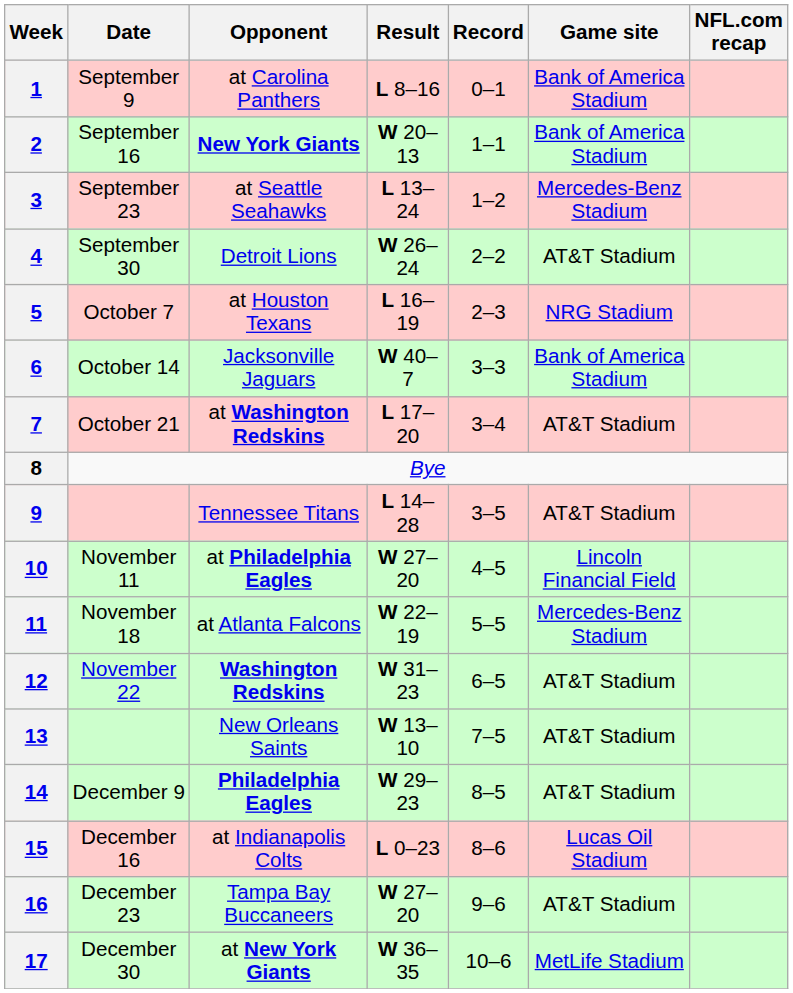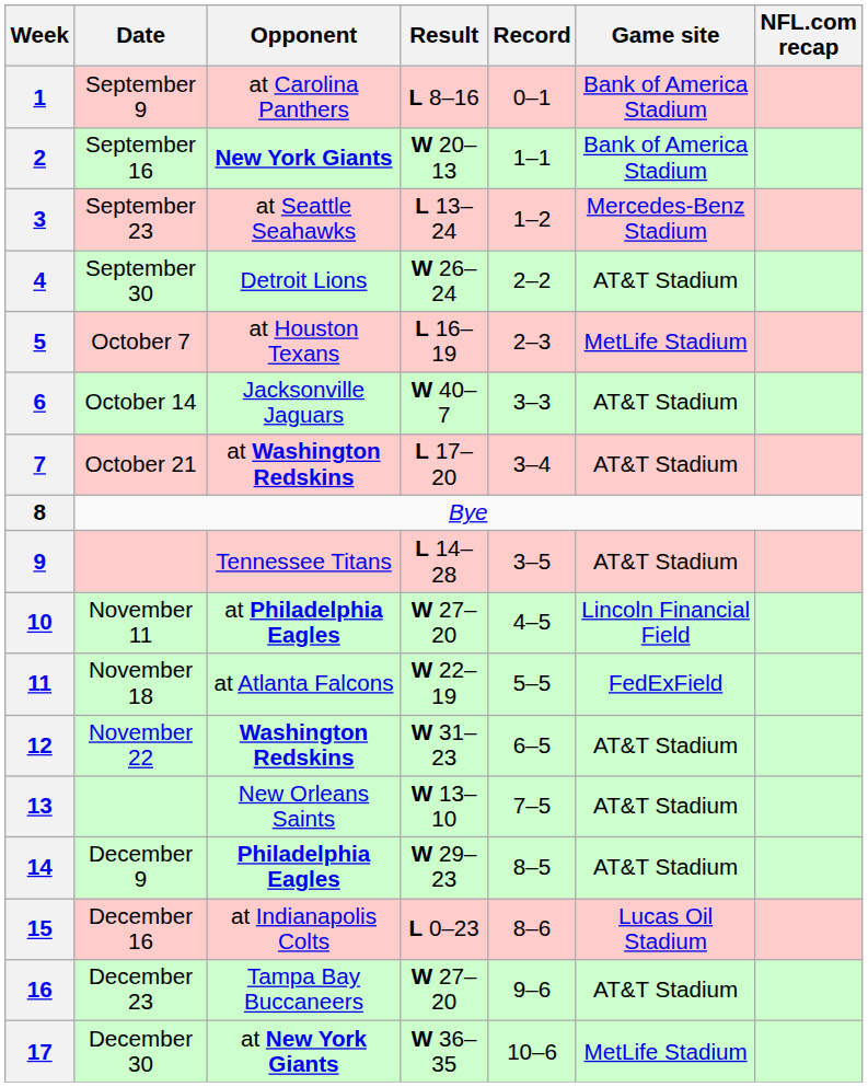 <table class="wikitable" style="text-align:center">
 <tr>
 <th>Week</th>
 <th>Date</th>
 <th>Opponent</th>
 <th>Result</th>
 <th>Record</th>
 <th>Game site</th>
 <th>NFL.com<br>recap</th>
 </tr>
 <tr style="background:#fcc">
 <th><a href='#'>1</a></th>
 <td>September 9</td>
 <td>at <a href='#'>Carolina Panthers</a></td>
 <td><strong>L</strong> 8–16</td>
 <td>0–1</td>
 <td><a href='#'>Bank of America Stadium</a></td>
 <td></td>
 </tr>
 <tr style="background:#cfc">
 <th><a href='#'>2</a></th>
 <td>September 16</td>
 <td><strong><a href='#'>New York Giants</a></strong></td>
 <td><strong>W</strong> 20–13</td>
 <td>1–1</td>
 <td><a href='#'>Bank of America Stadium</a></td>
 <td></td>
 </tr>
 <tr style="background:#fcc">
 <th><a href='#'>3</a></th>
 <td>September 23</td>
 <td>at <a href='#'>Seattle Seahawks</a></td>
 <td><strong>L</strong> 13–24</td>
 <td>1–2</td>
 <td><a href='#'>Mercedes-Benz Stadium</a></td>
 <td></td>
 </tr>
 <tr style="background:#cfc">
 <th><a href='#'>4</a></th>
 <td>September 30</td>
 <td><a href='#'>Detroit Lions</a></td>
 <td><strong>W</strong> 26–24</td>
 <td>2–2</td>
 <td>AT&T Stadium</td>
 <td></td>
 </tr>
 <tr style="background:#fcc">
 <th><a href='#'>5</a></th>
 <td>October 7</td>
 <td>at <a href='#'>Houston Texans</a></td>
 <td><strong>L</strong> 16–19 </td>
 <td>2–3</td>
-<td><a href='#'>NRG Stadium</a></td>
+<td><a href='#'>MetLife Stadium</a></td>
 <td></td>
 </tr>
 <tr style="background:#cfc">
 <th><a href='#'>6</a></th>
 <td>October 14</td>
 <td><a href='#'>Jacksonville Jaguars</a></td>
 <td><strong>W</strong> 40–7</td>
 <td>3–3</td>
-<td><a href='#'>Bank of America Stadium</a></td>
+<td>AT&T Stadium</td>
 <td></td>
 </tr>
 <tr style="background:#fcc">
 <th><a href='#'>7</a></th>
 <td>October 21</td>
 <td>at <strong><a href='#'>Washington Redskins</a></strong></td>
 <td><strong>L</strong> 17–20</td>
 <td>3–4</td>
 <td>AT&T Stadium</td>
 <td></td>
 </tr>
 <tr>
 <th>8</th>
 <td colspan=6><em><a href='#'>Bye</a></em></td>
 </tr>
 <tr style="background:#fcc">
 <th><a href='#'>9</a></th>
 <td></td>
 <td><a href='#'>Tennessee Titans</a></td>
 <td><strong>L</strong> 14–28</td>
 <td>3–5</td>
 <td>AT&T Stadium</td>
 <td></td>
 </tr>
 <tr style="background:#cfc">
 <th><a href='#'>10</a></th>
 <td>November 11</td>
 <td>at <strong><a href='#'>Philadelphia Eagles</a></strong></td>
 <td><strong>W</strong> 27–20</td>
 <td>4–5</td>
 <td><a href='#'>Lincoln Financial Field</a></td>
 <td></td>
 </tr>
 <tr style="background:#cfc">
 <th><a href='#'>11</a></th>
 <td>November 18</td>
 <td>at <a href='#'>Atlanta Falcons</a></td>
 <td><strong>W</strong> 22–19</td>
 <td>5–5</td>
-<td><a href='#'>Mercedes-Benz Stadium</a></td>
+<td><a href='#'>FedExField</a></td>
 <td></td>
 </tr>
 <tr style="background:#cfc">
 <th><a href='#'>12</a></th>
 <td><a href='#'>November 22</a></td>
 <td><strong><a href='#'>Washington Redskins</a></strong></td>
 <td><strong>W</strong> 31–23</td>
 <td>6–5</td>
 <td>AT&T Stadium</td>
 <td></td>
 </tr>
 <tr style="background:#cfc">
 <th><a href='#'>13</a></th>
 <td></td>
 <td><a href='#'>New Orleans Saints</a></td>
 <td><strong>W</strong> 13–10</td>
 <td>7–5</td>
 <td>AT&T Stadium</td>
 <td></td>
 </tr>
 <tr style="background:#cfc">
 <th><a href='#'>14</a></th>
 <td>December 9</td>
 <td><strong><a href='#'>Philadelphia Eagles</a></strong></td>
 <td><strong>W</strong> 29–23 </td>
 <td>8–5</td>
 <td>AT&T Stadium</td>
 <td></td>
 </tr>
 <tr style="background:#fcc">
 <th><a href='#'>15</a></th>
 <td>December 16</td>
 <td>at <a href='#'>Indianapolis Colts</a></td>
 <td><strong>L</strong> 0–23</td>
 <td>8–6</td>
 <td><a href='#'>Lucas Oil Stadium</a></td>
 <td></td>
 </tr>
 <tr style="background:#cfc">
 <th><a href='#'>16</a></th>
 <td>December 23</td>
 <td><a href='#'>Tampa Bay Buccaneers</a></td>
 <td><strong>W</strong> 27–20</td>
 <td>9–6</td>
 <td>AT&T Stadium</td>
 <td></td>
 </tr>
 <tr style="background:#cfc">
 <th><a href='#'>17</a></th>
 <td>December 30</td>
 <td>at <strong><a href='#'>New York Giants</a></strong></td>
 <td><strong>W</strong> 36–35</td>
 <td>10–6</td>
 <td><a href='#'>MetLife Stadium</a></td>
 <td></td>
 </tr>
 </table>
